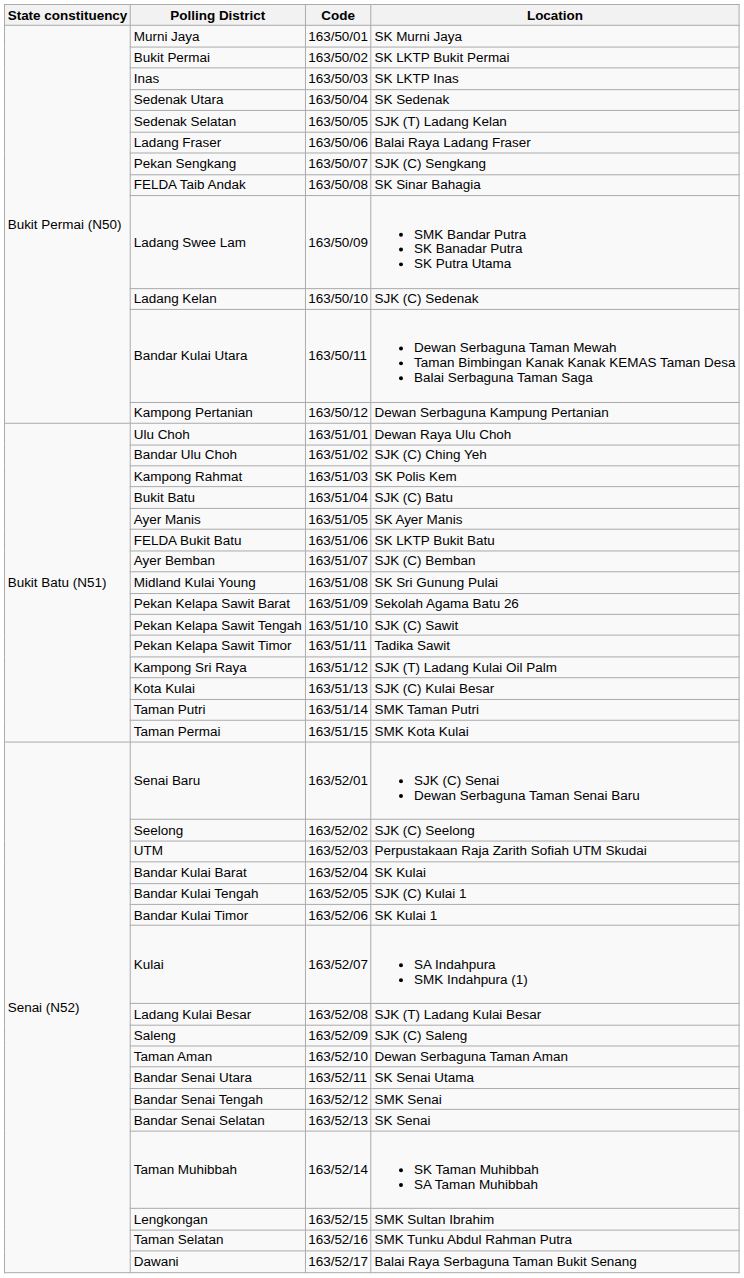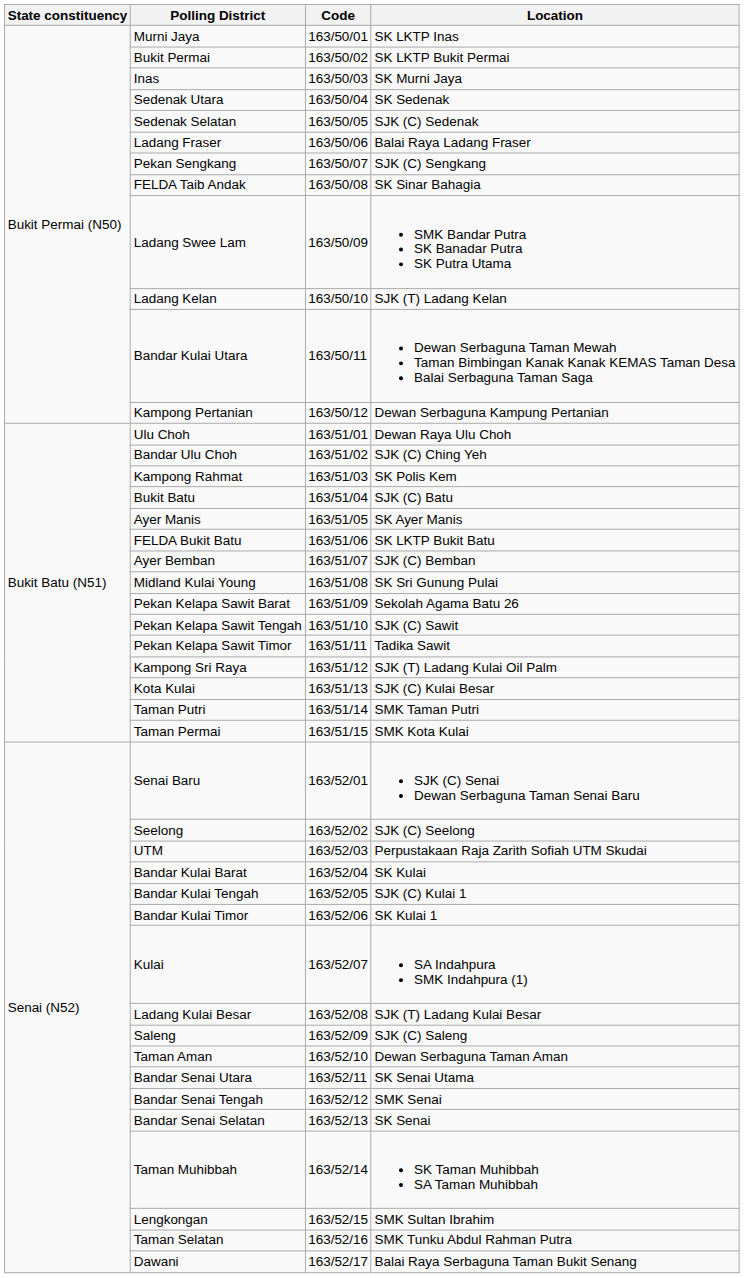 <table class="wikitable sortable mw-collapsible" style="white-space:nowrap;font-size:85%">
 <tr>
 <th>State constituency</th>
 <th>Polling District</th>
 <th>Code</th>
 <th>Location</th>
 </tr>
 <tr>
 <td rowspan="12">Bukit Permai (N50)</td>
 <td>Murni Jaya</td>
 <td>163/50/01</td>
-<td>SK Murni Jaya</td>
+<td>SK LKTP Inas</td>
 </tr>
 <tr>
 <td>Bukit Permai</td>
 <td>163/50/02</td>
 <td>SK LKTP Bukit Permai</td>
 </tr>
 <tr>
 <td>Inas</td>
 <td>163/50/03</td>
-<td>SK LKTP Inas</td>
+<td>SK Murni Jaya</td>
 </tr>
 <tr>
 <td>Sedenak Utara</td>
 <td>163/50/04</td>
 <td>SK Sedenak</td>
 </tr>
 <tr>
 <td>Sedenak Selatan</td>
 <td>163/50/05</td>
-<td>SJK (T) Ladang Kelan</td>
+<td>SJK (C) Sedenak</td>
 </tr>
 <tr>
 <td>Ladang Fraser</td>
 <td>163/50/06</td>
 <td>Balai Raya Ladang Fraser</td>
 </tr>
 <tr>
 <td>Pekan Sengkang</td>
 <td>163/50/07</td>
 <td>SJK (C) Sengkang</td>
 </tr>
 <tr>
 <td>FELDA Taib Andak</td>
 <td>163/50/08</td>
 <td>SK Sinar Bahagia</td>
 </tr>
 <tr>
 <td>Ladang Swee Lam</td>
 <td>163/50/09</td>
 <td><br><ul><li>SMK Bandar Putra</li><li>SK Banadar Putra</li><li>SK Putra Utama</li></ul></td>
 </tr>
 <tr>
 <td>Ladang Kelan</td>
 <td>163/50/10</td>
-<td>SJK (C) Sedenak</td>
+<td>SJK (T) Ladang Kelan</td>
 </tr>
 <tr>
 <td>Bandar Kulai Utara</td>
 <td>163/50/11</td>
 <td><br><ul><li>Dewan Serbaguna Taman Mewah</li><li>Taman Bimbingan Kanak Kanak KEMAS Taman Desa</li><li>Balai Serbaguna Taman Saga</li></ul></td>
 </tr>
 <tr>
 <td>Kampong Pertanian</td>
 <td>163/50/12</td>
 <td>Dewan Serbaguna Kampung Pertanian</td>
 </tr>
 <tr>
 <td rowspan="15">Bukit Batu (N51)</td>
 <td>Ulu Choh</td>
 <td>163/51/01</td>
 <td>Dewan Raya Ulu Choh</td>
 </tr>
 <tr>
 <td>Bandar Ulu Choh</td>
 <td>163/51/02</td>
 <td>SJK (C) Ching Yeh</td>
 </tr>
 <tr>
 <td>Kampong Rahmat</td>
 <td>163/51/03</td>
 <td>SK Polis Kem</td>
 </tr>
 <tr>
 <td>Bukit Batu</td>
 <td>163/51/04</td>
 <td>SJK (C) Batu</td>
 </tr>
 <tr>
 <td>Ayer Manis</td>
 <td>163/51/05</td>
 <td>SK Ayer Manis</td>
 </tr>
 <tr>
 <td>FELDA Bukit Batu</td>
 <td>163/51/06</td>
 <td>SK LKTP Bukit Batu</td>
 </tr>
 <tr>
 <td>Ayer Bemban</td>
 <td>163/51/07</td>
 <td>SJK (C) Bemban</td>
 </tr>
 <tr>
 <td>Midland Kulai Young</td>
 <td>163/51/08</td>
 <td>SK Sri Gunung Pulai</td>
 </tr>
 <tr>
 <td>Pekan Kelapa Sawit Barat</td>
 <td>163/51/09</td>
 <td>Sekolah Agama Batu 26</td>
 </tr>
 <tr>
 <td>Pekan Kelapa Sawit Tengah</td>
 <td>163/51/10</td>
 <td>SJK (C) Sawit</td>
 </tr>
 <tr>
 <td>Pekan Kelapa Sawit Timor</td>
 <td>163/51/11</td>
 <td>Tadika Sawit</td>
 </tr>
 <tr>
 <td>Kampong Sri Raya</td>
 <td>163/51/12</td>
 <td>SJK (T) Ladang Kulai Oil Palm</td>
 </tr>
 <tr>
 <td>Kota Kulai</td>
 <td>163/51/13</td>
 <td>SJK (C) Kulai Besar</td>
 </tr>
 <tr>
 <td>Taman Putri</td>
 <td>163/51/14</td>
 <td>SMK Taman Putri</td>
 </tr>
 <tr>
 <td>Taman Permai</td>
 <td>163/51/15</td>
 <td>SMK Kota Kulai</td>
 </tr>
 <tr>
 <td rowspan="17">Senai (N52)</td>
 <td>Senai Baru</td>
 <td>163/52/01</td>
 <td><br><ul><li>SJK (C) Senai</li><li>Dewan Serbaguna Taman Senai Baru</li></ul></td>
 </tr>
 <tr>
 <td>Seelong</td>
 <td>163/52/02</td>
 <td>SJK (C) Seelong</td>
 </tr>
 <tr>
 <td>UTM</td>
 <td>163/52/03</td>
 <td>Perpustakaan Raja Zarith Sofiah UTM Skudai</td>
 </tr>
 <tr>
 <td>Bandar Kulai Barat</td>
 <td>163/52/04</td>
 <td>SK Kulai</td>
 </tr>
 <tr>
 <td>Bandar Kulai Tengah</td>
 <td>163/52/05</td>
 <td>SJK (C) Kulai 1</td>
 </tr>
 <tr>
 <td>Bandar Kulai Timor</td>
 <td>163/52/06</td>
 <td>SK Kulai 1</td>
 </tr>
 <tr>
 <td>Kulai</td>
 <td>163/52/07</td>
 <td><br><ul><li>SA Indahpura</li><li>SMK Indahpura (1)</li></ul></td>
 </tr>
 <tr>
 <td>Ladang Kulai Besar</td>
 <td>163/52/08</td>
 <td>SJK (T) Ladang Kulai Besar</td>
 </tr>
 <tr>
 <td>Saleng</td>
 <td>163/52/09</td>
 <td>SJK (C) Saleng</td>
 </tr>
 <tr>
 <td>Taman Aman</td>
 <td>163/52/10</td>
 <td>Dewan Serbaguna Taman Aman</td>
 </tr>
 <tr>
 <td>Bandar Senai Utara</td>
 <td>163/52/11</td>
 <td>SK Senai Utama</td>
 </tr>
 <tr>
 <td>Bandar Senai Tengah</td>
 <td>163/52/12</td>
 <td>SMK Senai</td>
 </tr>
 <tr>
 <td>Bandar Senai Selatan</td>
 <td>163/52/13</td>
 <td>SK Senai</td>
 </tr>
 <tr>
 <td>Taman Muhibbah</td>
 <td>163/52/14</td>
 <td><br><ul><li>SK Taman Muhibbah</li><li>SA Taman Muhibbah</li></ul></td>
 </tr>
 <tr>
 <td>Lengkongan</td>
 <td>163/52/15</td>
 <td>SMK Sultan Ibrahim</td>
 </tr>
 <tr>
 <td>Taman Selatan</td>
 <td>163/52/16</td>
 <td>SMK Tunku Abdul Rahman Putra</td>
 </tr>
 <tr>
 <td>Dawani</td>
 <td>163/52/17</td>
 <td>Balai Raya Serbaguna Taman Bukit Senang</td>
 </tr>
 </table>
